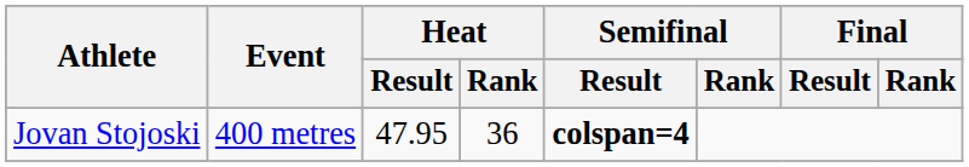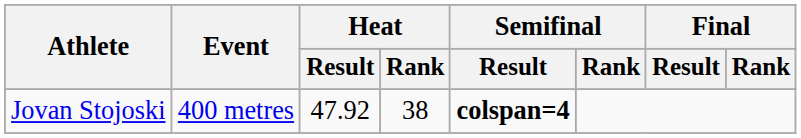 <table class="wikitable" style="font-size:90%">
 <tr>
 <th rowspan="2">Athlete</th>
 <th rowspan="2">Event</th>
 <th colspan="2">Heat</th>
 <th colspan="2">Semifinal</th>
 <th colspan="2">Final</th>
 </tr>
 <tr style="font-size:95%">
 <th>Result</th>
 <th>Rank</th>
 <th>Result</th>
 <th>Rank</th>
 <th>Result</th>
 <th>Rank</th>
 </tr>
 <tr style=text-align:center>
 <td style=text-align:left><a href='#'>Jovan Stojoski</a></td>
 <td style=text-align:left rowspan=4><a href='#'>400 metres</a></td>
-<td>47.95</td>
-<td>36</td>
+<td>47.92</td>
+<td>38</td>
 <td><strong>colspan=4 </strong></td>
 </tr>
 </table>
